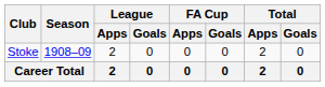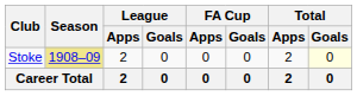 <table class="wikitable" style="text-align: center;">
 <tr>
 <th rowspan="2">Club</th>
 <th rowspan="2">Season</th>
 <th colspan="2">League</th>
 <th colspan="2">FA Cup</th>
 <th colspan="2">Total</th>
 </tr>
 <tr>
 <th>Apps</th>
 <th>Goals</th>
 <th>Apps</th>
 <th>Goals</th>
 <th>Apps</th>
 <th>Goals</th>
 </tr>
 <tr>
 <td><a href='#'>Stoke</a></td>
-<td><a href='#'>1908–09</a></td>
+<td style="background: khaki;"><a href='#'>1908–09</a></td>
 <td>2</td>
 <td>0</td>
 <td>0</td>
 <td>0</td>
 <td>2</td>
-<td>0</td>
+<td style="background: lightyellow;">0</td>
 </tr>
 <tr>
 <th colspan="2">Career Total</th>
 <th>2</th>
 <th>0</th>
 <th>0</th>
 <th>0</th>
 <th>2</th>
 <th>0</th>
 </tr>
 </table>
